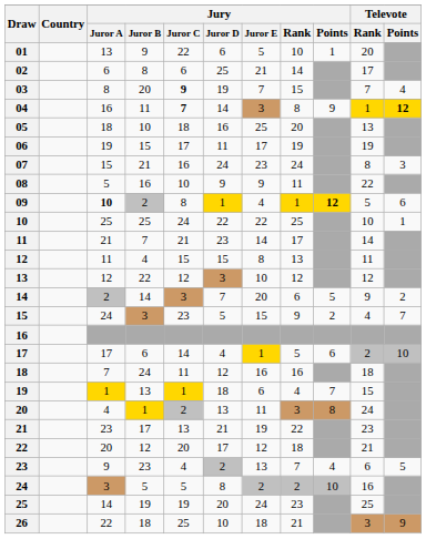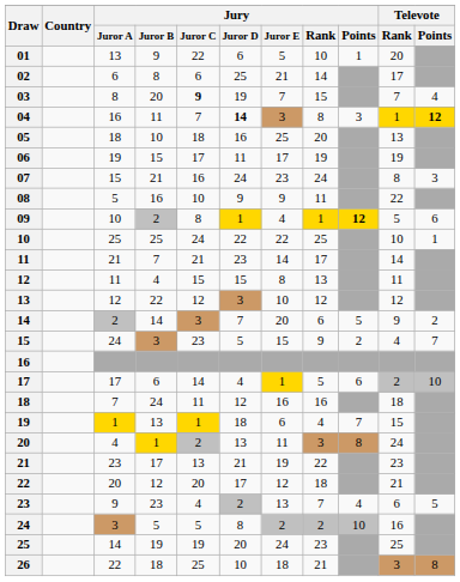 <table class="sortable wikitable collapsible plainrowheaders" style="text-align:center;">
 <tr>
 </tr>
 <tr>
 <th scope="col" rowspan="2">Draw</th>
 <th scope="col" rowspan="2">Country</th>
 <th scope="col" colspan="7">Jury</th>
 <th scope="col" colspan="2">Televote</th>
 </tr>
 <tr>
 <th scope="col"><small>Juror A</small></th>
 <th scope="col"><small>Juror B</small></th>
 <th scope="col"><small>Juror C</small></th>
 <th scope="col"><small>Juror D</small></th>
 <th scope="col"><small>Juror E</small></th>
 <th scope="col">Rank</th>
 <th scope="col" class="unsortable">Points</th>
 <th scope="col">Rank</th>
 <th scope="col" class="unsortable">Points</th>
 </tr>
 <tr>
 <th scope="row" style="text-align:center;">01</th>
 <td style="text-align:left;"></td>
 <td>13</td>
 <td>9</td>
 <td>22</td>
 <td>6</td>
 <td>5</td>
 <td>10</td>
 <td>1</td>
 <td>20</td>
 <td style="background:#AAAAAA;"></td>
 </tr>
 <tr>
 <th scope="row" style="text-align:center;">02</th>
 <td style="text-align:left;"></td>
 <td>6</td>
 <td>8</td>
 <td>6</td>
 <td>25</td>
 <td>21</td>
 <td>14</td>
 <td style="background:#AAAAAA;"></td>
 <td>17</td>
 <td style="background:#AAAAAA;"></td>
 </tr>
 <tr>
 <th scope="row" style="text-align:center;">03</th>
 <td style="text-align:left;"></td>
 <td>8</td>
 <td>20</td>
 <td><strong>9</strong></td>
 <td>19</td>
 <td>7</td>
 <td>15</td>
 <td style="background:#AAAAAA;"></td>
 <td>7</td>
 <td>4</td>
 </tr>
 <tr>
 <th scope="row" style="text-align:center;">04</th>
 <td style="text-align:left;"></td>
 <td>16</td>
 <td>11</td>
-<td><strong>7</strong></td>
-<td>14</td>
+<td>7</td>
+<td><strong>14</strong></td>
 <td style="background:#CC9966;">3</td>
 <td>8</td>
-<td>9</td>
+<td>3</td>
 <td style="background:gold;">1</td>
 <td style="background:gold;"><strong>12</strong></td>
 </tr>
 <tr>
 <th scope="row" style="text-align:center;">05</th>
 <td style="text-align:left;"></td>
 <td>18</td>
 <td>10</td>
 <td>18</td>
 <td>16</td>
 <td>25</td>
 <td>20</td>
 <td style="background:#AAAAAA;"></td>
 <td>13</td>
 <td style="background:#AAAAAA;"></td>
 </tr>
 <tr>
 <th scope="row" style="text-align:center;">06</th>
 <td style="text-align:left;"></td>
 <td>19</td>
 <td>15</td>
 <td>17</td>
 <td>11</td>
 <td>17</td>
 <td>19</td>
 <td style="background:#AAAAAA;"></td>
 <td>19</td>
 <td style="background:#AAAAAA;"></td>
 </tr>
 <tr>
 <th scope="row" style="text-align:center;">07</th>
 <td style="text-align:left;"></td>
 <td>15</td>
 <td>21</td>
 <td>16</td>
 <td>24</td>
 <td>23</td>
 <td>24</td>
 <td style="background:#AAAAAA;"></td>
 <td>8</td>
 <td>3</td>
 </tr>
 <tr>
 <th scope="row" style="text-align:center;">08</th>
 <td style="text-align:left;"></td>
 <td>5</td>
 <td>16</td>
 <td>10</td>
 <td>9</td>
 <td>9</td>
 <td>11</td>
 <td style="background:#AAAAAA;"></td>
 <td>22</td>
 <td style="background:#AAAAAA;"></td>
 </tr>
 <tr>
 <th scope="row" style="text-align:center;">09</th>
 <td style="text-align:left;"></td>
-<td><strong>10</strong></td>
+<td>10</td>
 <td style="background:silver;">2</td>
 <td>8</td>
 <td style="background:gold;">1</td>
 <td>4</td>
 <td style="background:gold;">1</td>
 <td style="background:gold;"><strong>12</strong></td>
 <td>5</td>
 <td>6</td>
 </tr>
 <tr>
 <th scope="row" style="text-align:center;">10</th>
 <td style="text-align:left;"></td>
 <td>25</td>
 <td>25</td>
 <td>24</td>
 <td>22</td>
 <td>22</td>
 <td>25</td>
 <td style="background:#AAAAAA;"></td>
 <td>10</td>
 <td>1</td>
 </tr>
 <tr>
 <th scope="row" style="text-align:center;">11</th>
 <td style="text-align:left;"></td>
 <td>21</td>
 <td>7</td>
 <td>21</td>
 <td>23</td>
 <td>14</td>
 <td>17</td>
 <td style="background:#AAAAAA;"></td>
 <td>14</td>
 <td style="background:#AAAAAA;"></td>
 </tr>
 <tr>
 <th scope="row" style="text-align:center;">12</th>
 <td style="text-align:left;"></td>
 <td>11</td>
 <td>4</td>
 <td>15</td>
 <td>15</td>
 <td>8</td>
 <td>13</td>
 <td style="background:#AAAAAA;"></td>
 <td>11</td>
 <td style="background:#AAAAAA;"></td>
 </tr>
 <tr>
 <th scope="row" style="text-align:center;">13</th>
 <td style="text-align:left;"></td>
 <td>12</td>
 <td>22</td>
 <td>12</td>
 <td style="background:#CC9966;">3</td>
 <td>10</td>
 <td>12</td>
 <td style="background:#AAAAAA;"></td>
 <td>12</td>
 <td style="background:#AAAAAA;"></td>
 </tr>
 <tr>
 <th scope="row" style="text-align:center;">14</th>
 <td style="text-align:left;"></td>
 <td style="background:silver;">2</td>
 <td>14</td>
 <td style="background:#CC9966;">3</td>
 <td>7</td>
 <td>20</td>
 <td>6</td>
 <td>5</td>
 <td>9</td>
 <td>2</td>
 </tr>
 <tr>
 <th scope="row" style="text-align:center;">15</th>
 <td style="text-align:left;"></td>
 <td>24</td>
 <td style="background:#CC9966;">3</td>
 <td>23</td>
 <td>5</td>
 <td>15</td>
 <td>9</td>
 <td>2</td>
 <td>4</td>
 <td>7</td>
 </tr>
 <tr class=sortbottom>
 <th scope="row" style="text-align:center;">16</th>
 <td style="text-align:left;"></td>
 <td style="background:#AAAAAA;"></td>
 <td style="background:#AAAAAA;"></td>
 <td style="background:#AAAAAA;"></td>
 <td style="background:#AAAAAA;"></td>
 <td style="background:#AAAAAA;"></td>
 <td style="background:#AAAAAA;"></td>
 <td style="background:#AAAAAA;"></td>
 <td style="background:#AAAAAA;"></td>
 <td style="background:#AAAAAA;"></td>
 </tr>
 <tr>
 <th scope="row" style="text-align:center;">17</th>
 <td style="text-align:left;"></td>
 <td>17</td>
 <td>6</td>
 <td>14</td>
 <td>4</td>
 <td style="background:gold;">1</td>
 <td>5</td>
 <td>6</td>
 <td style="background:silver;">2</td>
 <td style="background:silver;">10</td>
 </tr>
 <tr>
 <th scope="row" style="text-align:center;">18</th>
 <td style="text-align:left;"></td>
 <td>7</td>
 <td>24</td>
 <td>11</td>
 <td>12</td>
 <td>16</td>
 <td>16</td>
 <td style="background:#AAAAAA;"></td>
 <td>18</td>
 <td style="background:#AAAAAA;"></td>
 </tr>
 <tr>
 <th scope="row" style="text-align:center;">19</th>
 <td style="text-align:left;"></td>
 <td style="background:gold;">1</td>
 <td>13</td>
 <td style="background:gold;">1</td>
 <td>18</td>
 <td>6</td>
 <td>4</td>
 <td>7</td>
 <td>15</td>
 <td style="background:#AAAAAA;"></td>
 </tr>
 <tr>
 <th scope="row" style="text-align:center;">20</th>
 <td style="text-align:left;"></td>
 <td>4</td>
 <td style="background:gold;">1</td>
 <td style="background:silver;">2</td>
 <td>13</td>
 <td>11</td>
 <td style="background:#CC9966;">3</td>
 <td style="background:#CC9966;">8</td>
 <td>24</td>
 <td style="background:#AAAAAA;"></td>
 </tr>
 <tr>
 <th scope="row" style="text-align:center;">21</th>
 <td style="text-align:left;"></td>
 <td>23</td>
 <td>17</td>
 <td>13</td>
 <td>21</td>
 <td>19</td>
 <td>22</td>
 <td style="background:#AAAAAA;"></td>
 <td>23</td>
 <td style="background:#AAAAAA;"></td>
 </tr>
 <tr>
 <th scope="row" style="text-align:center;">22</th>
 <td style="text-align:left;"></td>
 <td>20</td>
 <td>12</td>
 <td>20</td>
 <td>17</td>
 <td>12</td>
 <td>18</td>
 <td style="background:#AAAAAA;"></td>
 <td>21</td>
 <td style="background:#AAAAAA;"></td>
 </tr>
 <tr>
 <th scope="row" style="text-align:center;">23</th>
 <td style="text-align:left;"></td>
 <td>9</td>
 <td>23</td>
 <td>4</td>
 <td style="background:silver;">2</td>
 <td>13</td>
 <td>7</td>
 <td>4</td>
 <td>6</td>
 <td>5</td>
 </tr>
 <tr>
 <th scope="row" style="text-align:center;">24</th>
 <td style="text-align:left;"></td>
 <td style="background:#CC9966;">3</td>
 <td>5</td>
 <td>5</td>
 <td>8</td>
 <td style="background:silver;">2</td>
 <td style="background:silver;">2</td>
 <td style="background:silver;">10</td>
 <td>16</td>
 <td style="background:#AAAAAA;"></td>
 </tr>
 <tr>
 <th scope="row" style="text-align:center;">25</th>
 <td style="text-align:left;"></td>
 <td>14</td>
 <td>19</td>
 <td>19</td>
 <td>20</td>
 <td>24</td>
 <td>23</td>
 <td style="background:#AAAAAA;"></td>
 <td>25</td>
 <td style="background:#AAAAAA;"></td>
 </tr>
 <tr>
 <th scope="row" style="text-align:center;">26</th>
 <td style="text-align:left;"></td>
 <td>22</td>
 <td>18</td>
 <td>25</td>
 <td>10</td>
 <td>18</td>
 <td>21</td>
 <td style="background:#AAAAAA;"></td>
 <td style="background:#CC9966;">3</td>
-<td style="background:#CC9966;">9</td>
+<td style="background:#CC9966;">8</td>
 </tr>
 </table>
